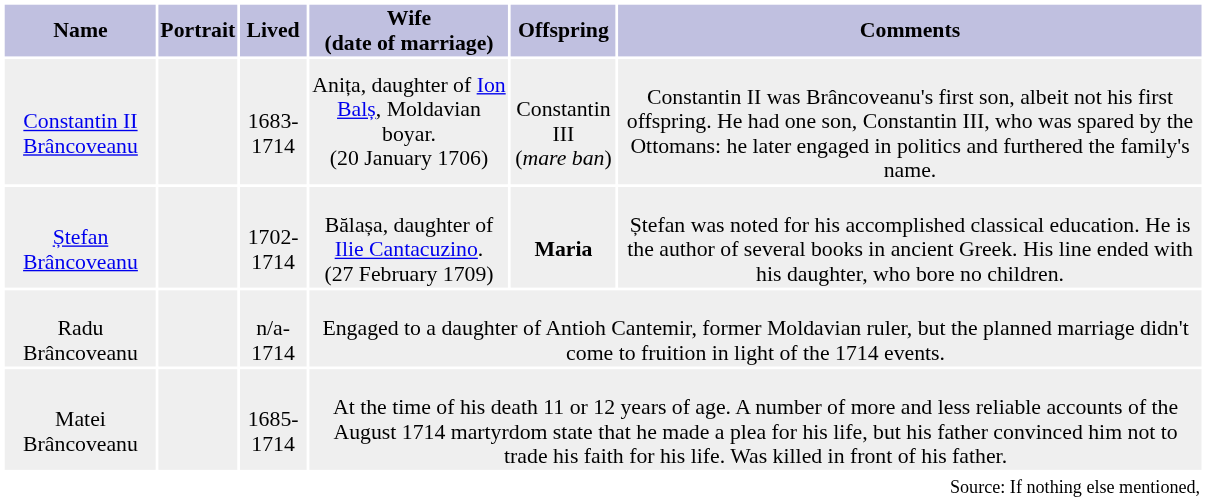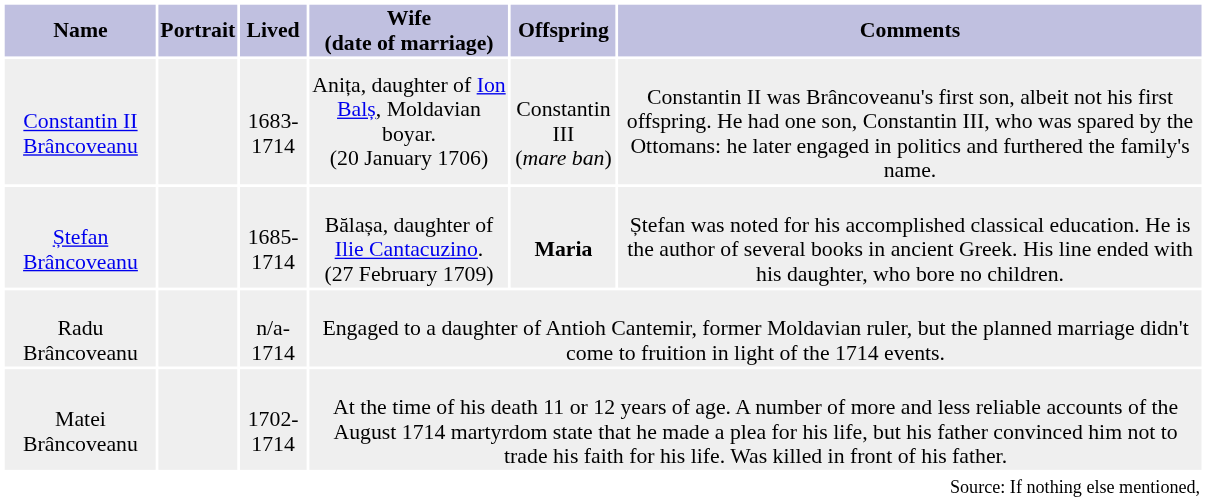 <table class="toccolours" style="margin-bottom: 1em; font-size: 100%; text-align:center">
 <tr bgcolor="C0C0E0">
 <th>Name</th>
 <th>Portrait</th>
 <th>Lived</th>
 <th>Wife<br>(date of marriage)</th>
 <th>Offspring</th>
 <th>Comments</th>
 </tr>
 <tr bgcolor="efefef">
 <td><br><a href='#'>Constantin II Brâncoveanu</a></td>
 <td><br></td>
 <td><br>1683-1714</td>
 <td>Anița, daughter of <a href='#'>Ion Balș</a>, Moldavian boyar.<br>(20 January 1706)</td>
 <td><br>Constantin III<br>(<em>mare ban</em>)</td>
 <td><br>Constantin II was Brâncoveanu's first son, albeit not his first offspring.  He had one son, Constantin III, who was spared by the Ottomans: he later engaged in politics and furthered the family's name.</td>
 </tr>
 <tr bgcolor="efefef">
 <td><br><a href='#'>Ștefan Brâncoveanu</a></td>
 <td><br></td>
-<td><br>1702-1714</td>
+<td><br>1685-1714</td>
 <td><br>Bălașa, daughter of <a href='#'>Ilie Cantacuzino</a>.<br>(27 February 1709)</td>
 <td><strong><br>Maria</strong></td>
 <td><br>Ștefan was noted for his accomplished classical education. He is the author of several books in ancient Greek. His line ended with his daughter, who bore no children.</td>
 </tr>
 <tr bgcolor="efefef">
 <td><br>Radu Brâncoveanu</td>
 <td><br></td>
 <td><br>n/a-1714</td>
 <td colspan="3"><br>Engaged to a daughter of Antioh Cantemir, former Moldavian ruler, but the planned marriage didn't come to fruition in light of the 1714 events.</td>
 </tr>
 <tr bgcolor="efefef">
 <td><br>Matei Brâncoveanu</td>
 <td><br></td>
-<td><br>1685-1714</td>
+<td><br>1702-1714</td>
 <td colspan="3"><br>At the time of his death 11 or 12 years of age. A number of more and less reliable accounts of the August 1714 martyrdom state that he made a plea for his life, but his father convinced him not to trade his faith for his life. Was killed in front of his father.</td>
 </tr>
 <tr>
 <td style="text-align:right"   colspan="6"><small>Source: If nothing else mentioned, </small></td>
 </tr>
 </table>
